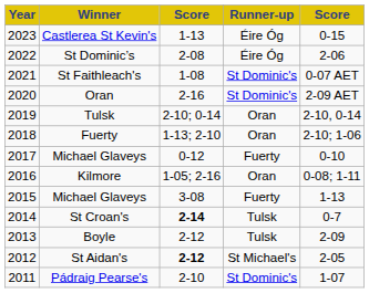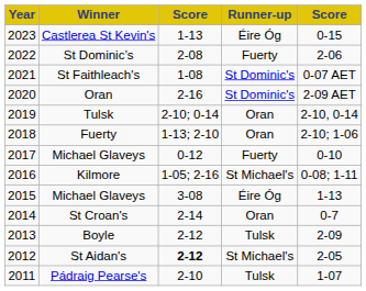 <table class="wikitable" style="text-align:center;">
 <tr>
 <th style="background:#E2C608;color:#2D3E82;">Year</th>
 <th style="background:#E2C608;color:#2D3E82;">Winner</th>
 <th style="background:#E2C608;color:#2D3E82;">Score</th>
 <th style="background:#E2C608;color:#2D3E82;">Runner-up</th>
 <th style="background:#E2C608;color:#2D3E82;">Score</th>
 </tr>
 <tr>
 <td>2023</td>
 <td><a href='#'>Castlerea St Kevin's</a></td>
 <td>1-13</td>
 <td>Éire Óg</td>
 <td>0-15</td>
 </tr>
 <tr>
 <td>2022</td>
 <td>St Dominic’s</td>
 <td>2-08</td>
-<td>Éire Óg</td>
+<td>Fuerty</td>
 <td>2-06</td>
 </tr>
 <tr>
 <td>2021</td>
 <td>St Faithleach's</td>
 <td>1-08</td>
 <td><a href='#'>St Dominic's</a></td>
 <td>0-07 AET</td>
 </tr>
 <tr>
 <td>2020</td>
 <td>Oran</td>
 <td>2-16</td>
 <td><a href='#'>St Dominic's</a></td>
 <td>2-09 AET</td>
 </tr>
 <tr>
 <td>2019</td>
 <td>Tulsk</td>
 <td>2-10; 0-14</td>
 <td>Oran</td>
 <td>2-10, 0-14</td>
 </tr>
 <tr>
 <td>2018</td>
 <td>Fuerty</td>
 <td>1-13; 2-10</td>
 <td>Oran</td>
 <td>2-10; 1-06</td>
 </tr>
 <tr>
 <td>2017</td>
 <td>Michael Glaveys</td>
 <td>0-12</td>
 <td>Fuerty</td>
 <td>0-10</td>
 </tr>
 <tr>
 <td>2016</td>
 <td>Kilmore</td>
 <td>1-05; 2-16</td>
-<td>Oran</td>
+<td>St Michael's</td>
 <td>0-08; 1-11</td>
 </tr>
 <tr>
 <td>2015</td>
 <td>Michael Glaveys</td>
 <td>3-08</td>
-<td>Fuerty</td>
+<td>Éire Óg</td>
 <td>1-13</td>
 </tr>
 <tr>
 <td>2014</td>
 <td>St Croan's</td>
-<td><strong>2-14</strong></td>
-<td>Tulsk</td>
+<td>2-14</td>
+<td>Oran</td>
 <td>0-7</td>
 </tr>
 <tr>
 <td>2013</td>
 <td>Boyle</td>
 <td>2-12</td>
 <td>Tulsk</td>
 <td>2-09</td>
 </tr>
 <tr>
 <td>2012</td>
 <td>St Aidan's</td>
 <td><strong>2-12</strong></td>
 <td>St Michael's</td>
 <td>2-05</td>
 </tr>
 <tr>
 <td>2011</td>
 <td><a href='#'>Pádraig Pearse's</a></td>
 <td>2-10</td>
-<td><a href='#'>St Dominic's</a></td>
+<td>Tulsk</td>
 <td>1-07</td>
 </tr>
 </table>
